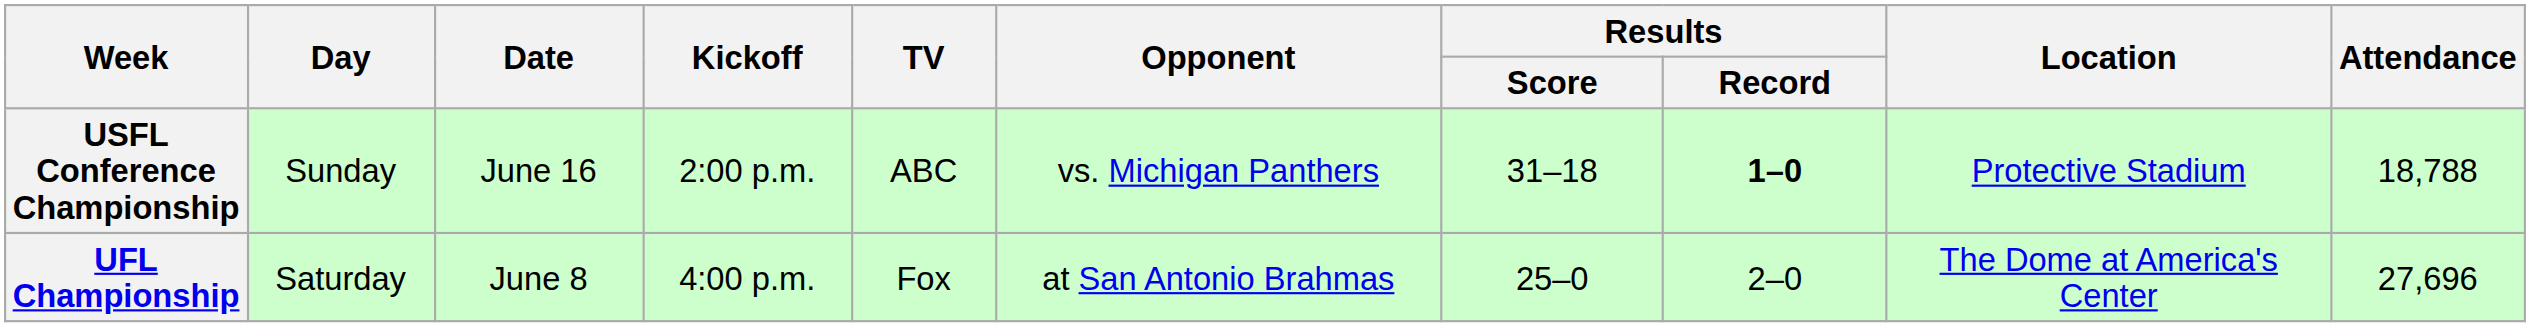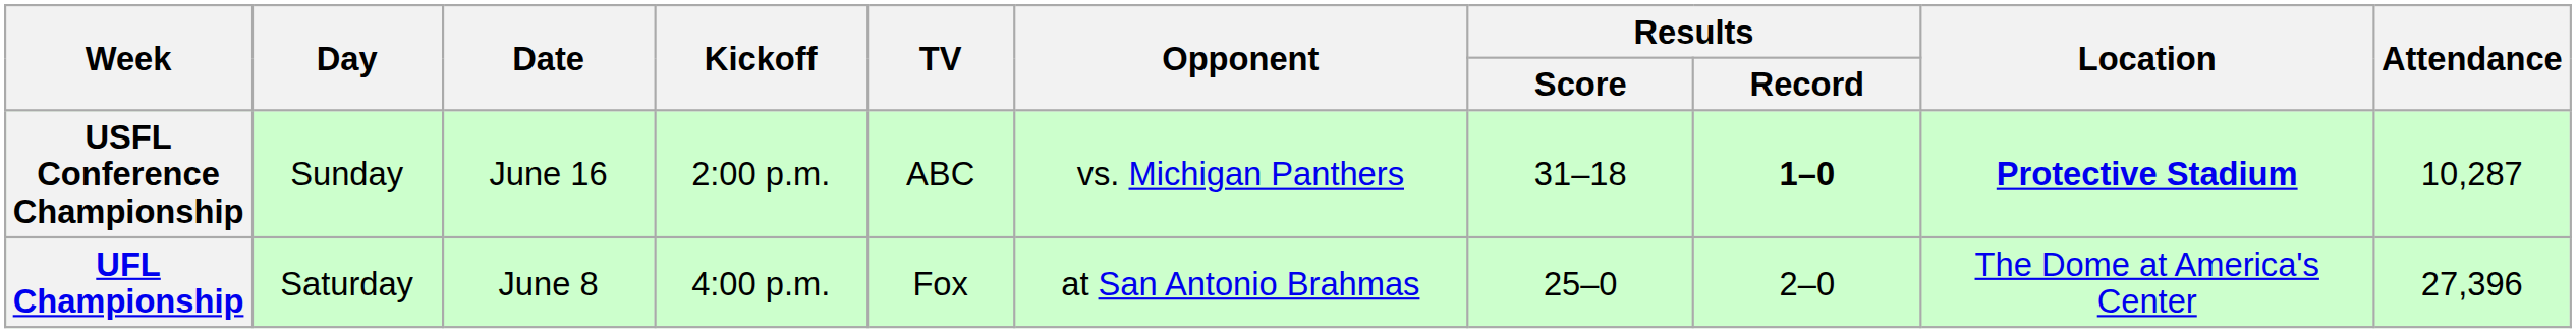 <table class="wikitable" style="text-align:center; font-size: 95%;">
 <tr>
 <th rowspan="2" width="40">Week</th>
 <th rowspan="2" width="80">Day</th>
 <th rowspan="2" width="90">Date</th>
 <th rowspan="2" width="90">Kickoff</th>
 <th rowspan="2" width="60">TV</th>
 <th rowspan="2" width="200">Opponent</th>
 <th colspan="2" width="200">Results</th>
 <th rowspan="2" width="200">Location</th>
 <th rowspan="2">Attendance</th>
 </tr>
 <tr>
 <th width="60">Score</th>
 <th width="60">Record</th>
 </tr>
 <tr style="background:#ccffcc">
 <th>USFL Conference Championship</th>
 <td>Sunday</td>
 <td>June 16</td>
 <td>2:00 p.m.</td>
 <td>ABC</td>
 <td>vs. <a href='#'>Michigan Panthers</a></td>
 <td>31–18</td>
 <td><strong>1–0</strong></td>
-<td><a href='#'>Protective Stadium</a></td>
-<td>18,788</td>
+<td><strong><a href='#'>Protective Stadium</a></strong></td>
+<td>10,287</td>
 </tr>
 <tr style="background:#ccffcc">
 <th><a href='#'>UFL Championship</a></th>
 <td>Saturday</td>
 <td>June 8</td>
 <td>4:00 p.m.</td>
 <td>Fox</td>
 <td>at <a href='#'>San Antonio Brahmas</a></td>
 <td>25–0</td>
 <td>2–0</td>
 <td><a href='#'>The Dome at America's Center</a></td>
-<td>27,696</td>
+<td>27,396</td>
 </tr>
 </table>
